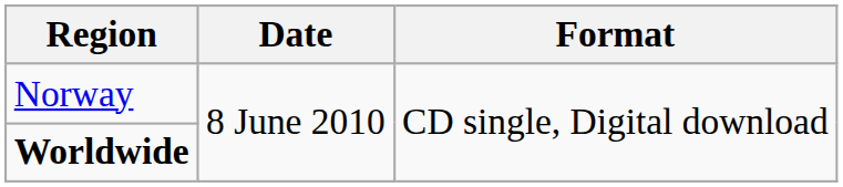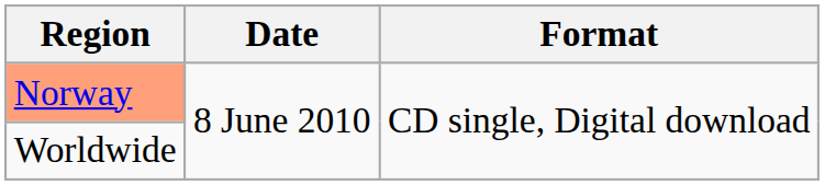 <table class="wikitable">
 <tr>
 <th>Region</th>
 <th>Date</th>
 <th>Format</th>
 </tr>
 <tr>
-<td><a href='#'>Norway</a></td>
+<td style="background: lightsalmon;"><a href='#'>Norway</a></td>
 <td rowspan="2">8 June 2010</td>
 <td rowspan="2">CD single, Digital download</td>
 </tr>
 <tr>
-<td><strong>Worldwide</strong></td>
+<td>Worldwide</td>
 </tr>
 </table>
